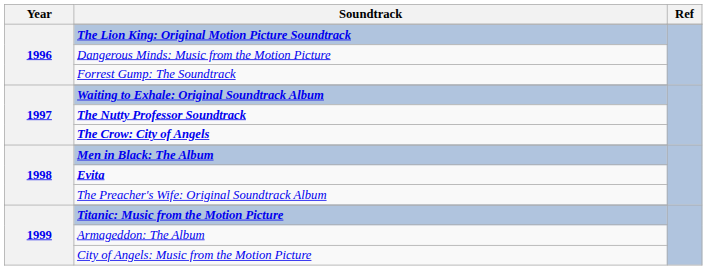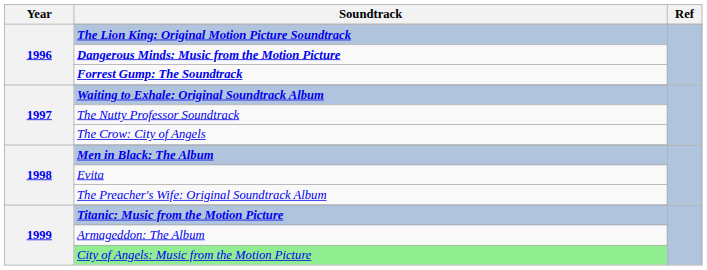 <table class="wikitable" width="100%">
 <tr>
 <th width="10%">Year</th>
 <th width="85%">Soundtrack</th>
 <th width="5%">Ref</th>
 </tr>
 <tr>
 <th rowspan="4" align="center"><a href='#'>1996<br></a></th>
 </tr>
 <tr style="background:#B0C4DE">
 <td><strong><em><a href='#'>The Lion King: Original Motion Picture Soundtrack</a></em></strong></td>
 <td rowspan="4" align="center"></td>
 </tr>
 <tr>
-<td><em><a href='#'>Dangerous Minds: Music from the Motion Picture</a></em></td>
+<td><strong><em><a href='#'>Dangerous Minds: Music from the Motion Picture</a></em></strong></td>
 </tr>
 <tr>
-<td><em><a href='#'>Forrest Gump: The Soundtrack</a></em></td>
+<td><strong><em><a href='#'>Forrest Gump: The Soundtrack</a></em></strong></td>
 </tr>
 <tr>
 <th rowspan="4" align="center"><a href='#'>1997<br></a></th>
 </tr>
 <tr style="background:#B0C4DE">
 <td><strong><em><a href='#'>Waiting to Exhale: Original Soundtrack Album</a></em></strong></td>
 <td rowspan="4" align="center"></td>
 </tr>
 <tr>
-<td><strong><em><a href='#'>The Nutty Professor Soundtrack</a></em></strong></td>
+<td><em><a href='#'>The Nutty Professor Soundtrack</a></em></td>
 </tr>
 <tr>
-<td><strong><em><a href='#'>The Crow: City of Angels</a></em></strong></td>
+<td><em><a href='#'>The Crow: City of Angels</a></em></td>
 </tr>
 <tr>
 <th rowspan="4" align="center"><a href='#'>1998<br></a></th>
 </tr>
 <tr style="background:#B0C4DE">
 <td><strong><em><a href='#'>Men in Black: The Album</a></em></strong></td>
 <td rowspan="4" align="center"></td>
 </tr>
 <tr>
-<td><strong><em><a href='#'>Evita</a></em></strong></td>
+<td><em><a href='#'>Evita</a></em></td>
 </tr>
 <tr>
 <td><em><a href='#'>The Preacher's Wife: Original Soundtrack Album</a></em></td>
 </tr>
 <tr>
 <th rowspan="4" align="center"><a href='#'>1999<br></a></th>
 </tr>
 <tr style="background:#B0C4DE">
 <td><strong><em><a href='#'>Titanic: Music from the Motion Picture</a></em></strong></td>
 <td rowspan="4" align="center"></td>
 </tr>
 <tr>
 <td><em><a href='#'>Armageddon: The Album</a></em></td>
 </tr>
 <tr>
-<td><em><a href='#'>City of Angels: Music from the Motion Picture</a></em></td>
+<td style="background: lightgreen;"><em><a href='#'>City of Angels: Music from the Motion Picture</a></em></td>
 </tr>
 </table>
